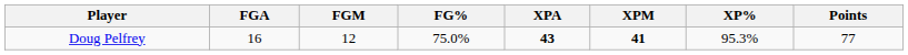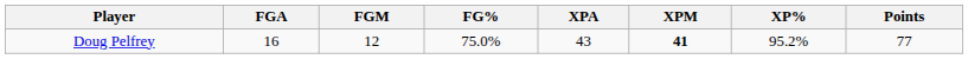 <table class="wikitable" style="text-align:center;" width="80%">
 <tr>
 <th>Player</th>
 <th>FGA</th>
 <th>FGM</th>
 <th>FG%</th>
 <th>XPA</th>
 <th>XPM</th>
 <th>XP%</th>
 <th>Points</th>
 </tr>
 <tr align="center" bgcolor="">
 <td><a href='#'>Doug Pelfrey</a></td>
 <td>16</td>
 <td>12</td>
 <td>75.0%</td>
-<td><strong>43</strong></td>
+<td>43</td>
 <td><strong>41</strong></td>
-<td>95.3%</td>
+<td>95.2%</td>
 <td>77</td>
 </tr>
 </table>
